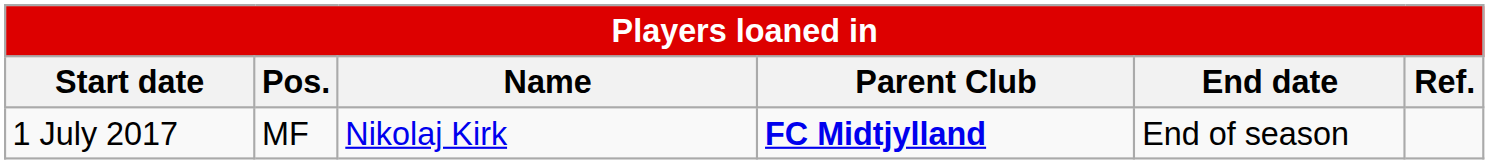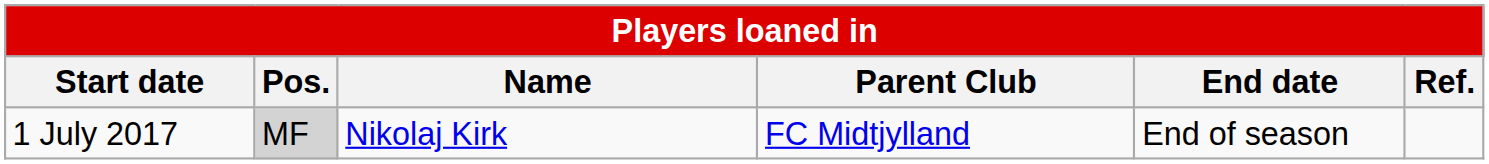 <table class="wikitable" style="font-size:95%;">
 <tr>
 <th colspan="6" style="background:#d00; color:white; text-align:center;">Players loaned in</th>
 </tr>
 <tr>
 <th style="width:110px;">Start date</th>
 <th style="width:25px;">Pos.</th>
 <th style="width:190px;">Name</th>
 <th style="width:170px;">Parent Club</th>
 <th style="width:120px;">End date</th>
 <th style="width:30px;">Ref.</th>
 </tr>
 <tr>
 <td>1 July 2017</td>
-<td>MF</td>
+<td style="background: lightgrey;">MF</td>
 <td> <a href='#'>Nikolaj Kirk</a></td>
-<td><strong> <a href='#'>FC Midtjylland</a></strong></td>
+<td> <a href='#'>FC Midtjylland</a></td>
 <td>End of season</td>
 <td></td>
 </tr>
 </table>
